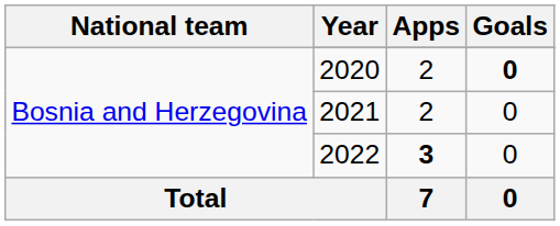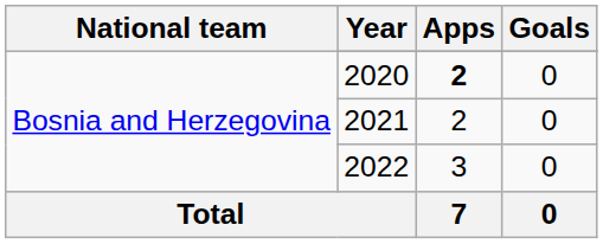 <table class="wikitable" style="text-align:center">
 <tr>
 <th>National team</th>
 <th>Year</th>
 <th>Apps</th>
 <th>Goals</th>
 </tr>
 <tr>
 <td rowspan=4><a href='#'>Bosnia and Herzegovina</a></td>
 </tr>
 <tr>
 <td>2020</td>
-<td>2</td>
-<td><strong>0</strong></td>
+<td><strong>2</strong></td>
+<td>0</td>
 </tr>
 <tr>
 <td>2021</td>
 <td>2</td>
 <td>0</td>
 </tr>
 <tr>
 <td>2022</td>
-<td><strong>3</strong></td>
+<td>3</td>
 <td>0</td>
 </tr>
 <tr>
 <th colspan=2>Total</th>
 <th>7</th>
 <th>0</th>
 </tr>
 </table>
